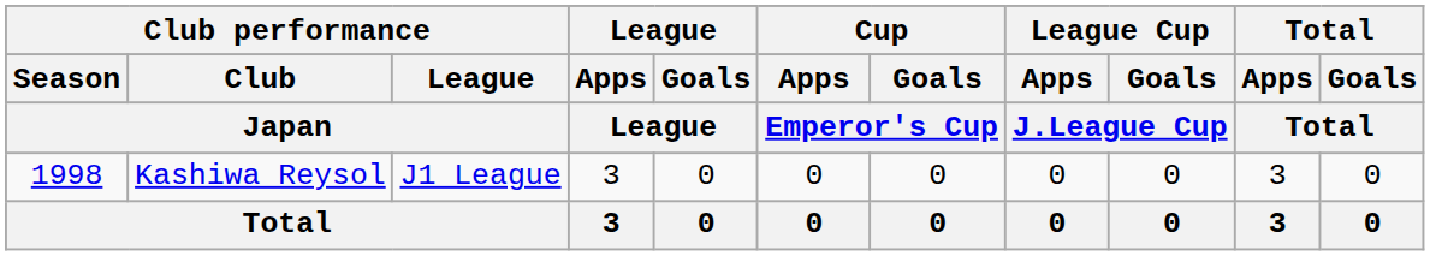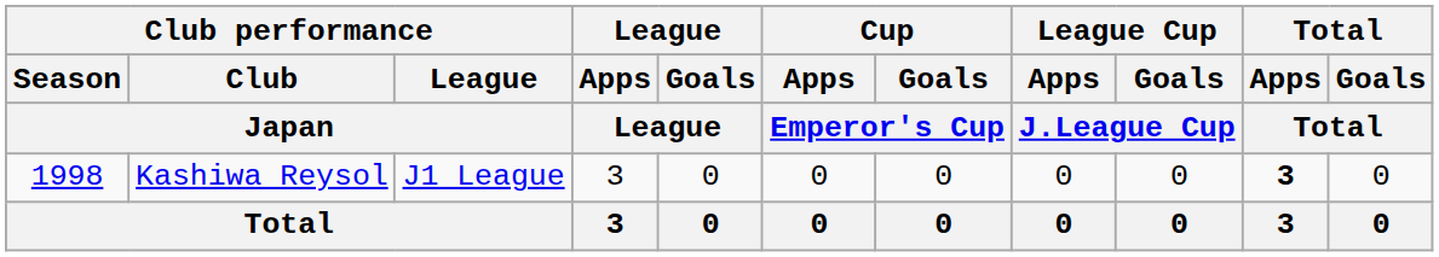 <table class="wikitable" style="text-align:center;">
 <tr>
 <th colspan=3>Club performance</th>
 <th colspan=2>League</th>
 <th colspan=2>Cup</th>
 <th colspan=2>League Cup</th>
 <th colspan=2>Total</th>
 </tr>
 <tr>
 <th>Season</th>
 <th>Club</th>
 <th>League</th>
 <th>Apps</th>
 <th>Goals</th>
 <th>Apps</th>
 <th>Goals</th>
 <th>Apps</th>
 <th>Goals</th>
 <th>Apps</th>
 <th>Goals</th>
 </tr>
 <tr>
 <th colspan=3>Japan</th>
 <th colspan=2>League</th>
 <th colspan=2><a href='#'>Emperor's Cup</a></th>
 <th colspan=2><a href='#'>J.League Cup</a></th>
 <th colspan=2>Total</th>
 </tr>
 <tr>
 <td><a href='#'>1998</a></td>
 <td><a href='#'>Kashiwa Reysol</a></td>
 <td><a href='#'>J1 League</a></td>
 <td>3</td>
 <td>0</td>
 <td>0</td>
 <td>0</td>
 <td>0</td>
 <td>0</td>
-<td>3</td>
+<td><strong>3</strong></td>
 <td>0</td>
 </tr>
 <tr>
 <th colspan=3>Total</th>
 <th>3</th>
 <th>0</th>
 <th>0</th>
 <th>0</th>
 <th>0</th>
 <th>0</th>
 <th>3</th>
 <th>0</th>
 </tr>
 </table>
